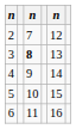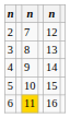 <table class="wikitable">
 <tr>
 <th><em>n</em></th>
 <th></th>
 <th><em>n</em></th>
 <th></th>
 <th><em>n</em></th>
 <th></th>
 </tr>
 <tr>
 <td>2</td>
 <td></td>
 <td>7</td>
 <td></td>
 <td>12</td>
 <td></td>
 </tr>
 <tr>
 <td>3</td>
 <td></td>
-<td><strong>8</strong></td>
+<td>8</td>
 <td></td>
 <td>13</td>
 <td></td>
 </tr>
 <tr>
 <td>4</td>
 <td></td>
 <td>9</td>
 <td></td>
 <td>14</td>
 <td></td>
 </tr>
 <tr>
 <td>5</td>
 <td></td>
 <td>10</td>
 <td></td>
 <td>15</td>
 <td></td>
 </tr>
 <tr>
 <td>6</td>
 <td></td>
-<td>11</td>
+<td style="background: gold;">11</td>
 <td></td>
 <td>16</td>
 <td></td>
 </tr>
 </table>
